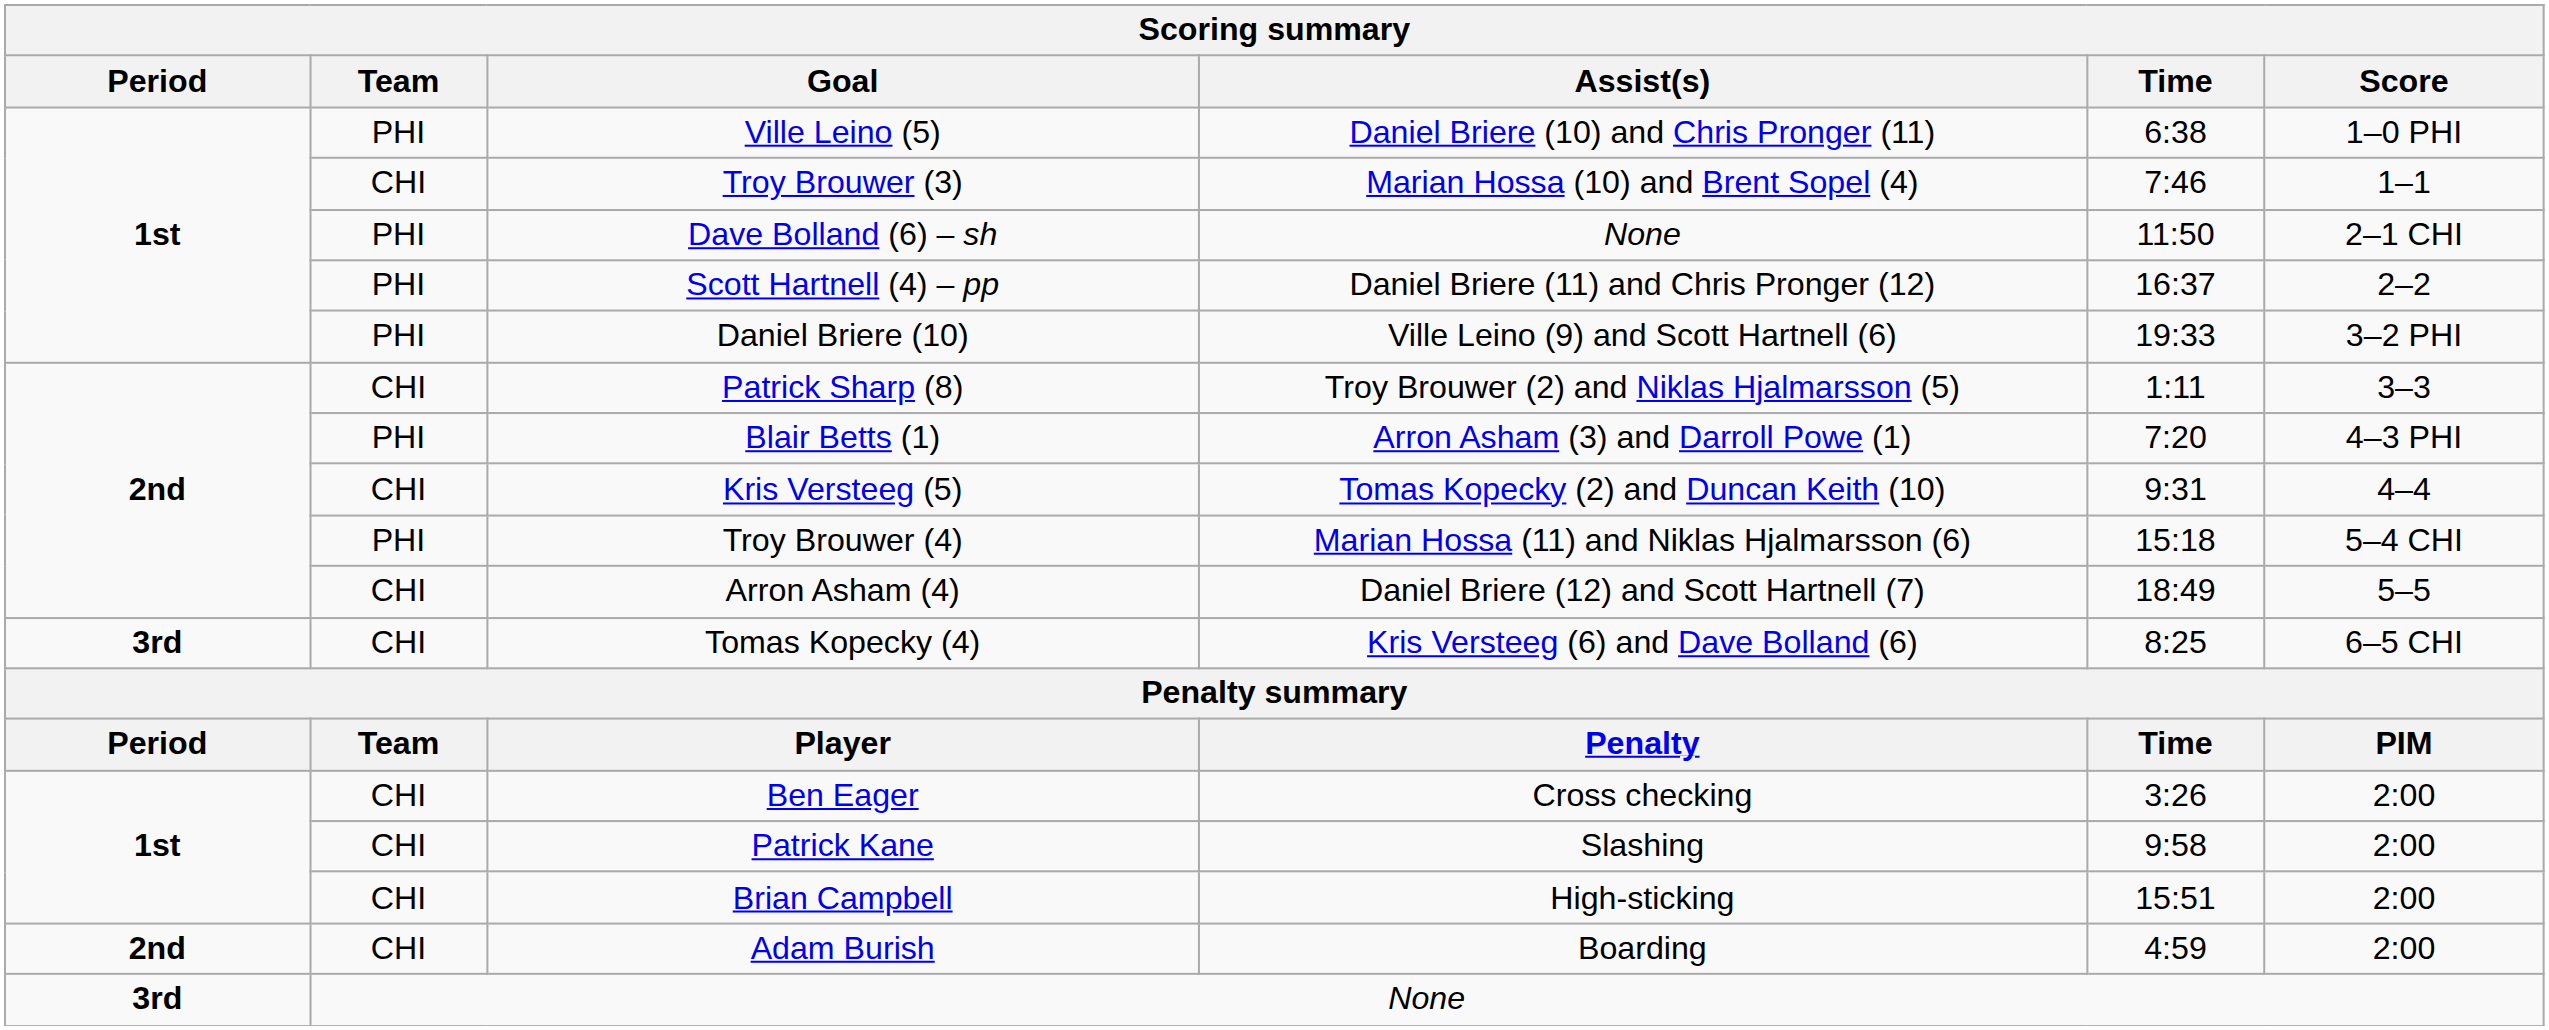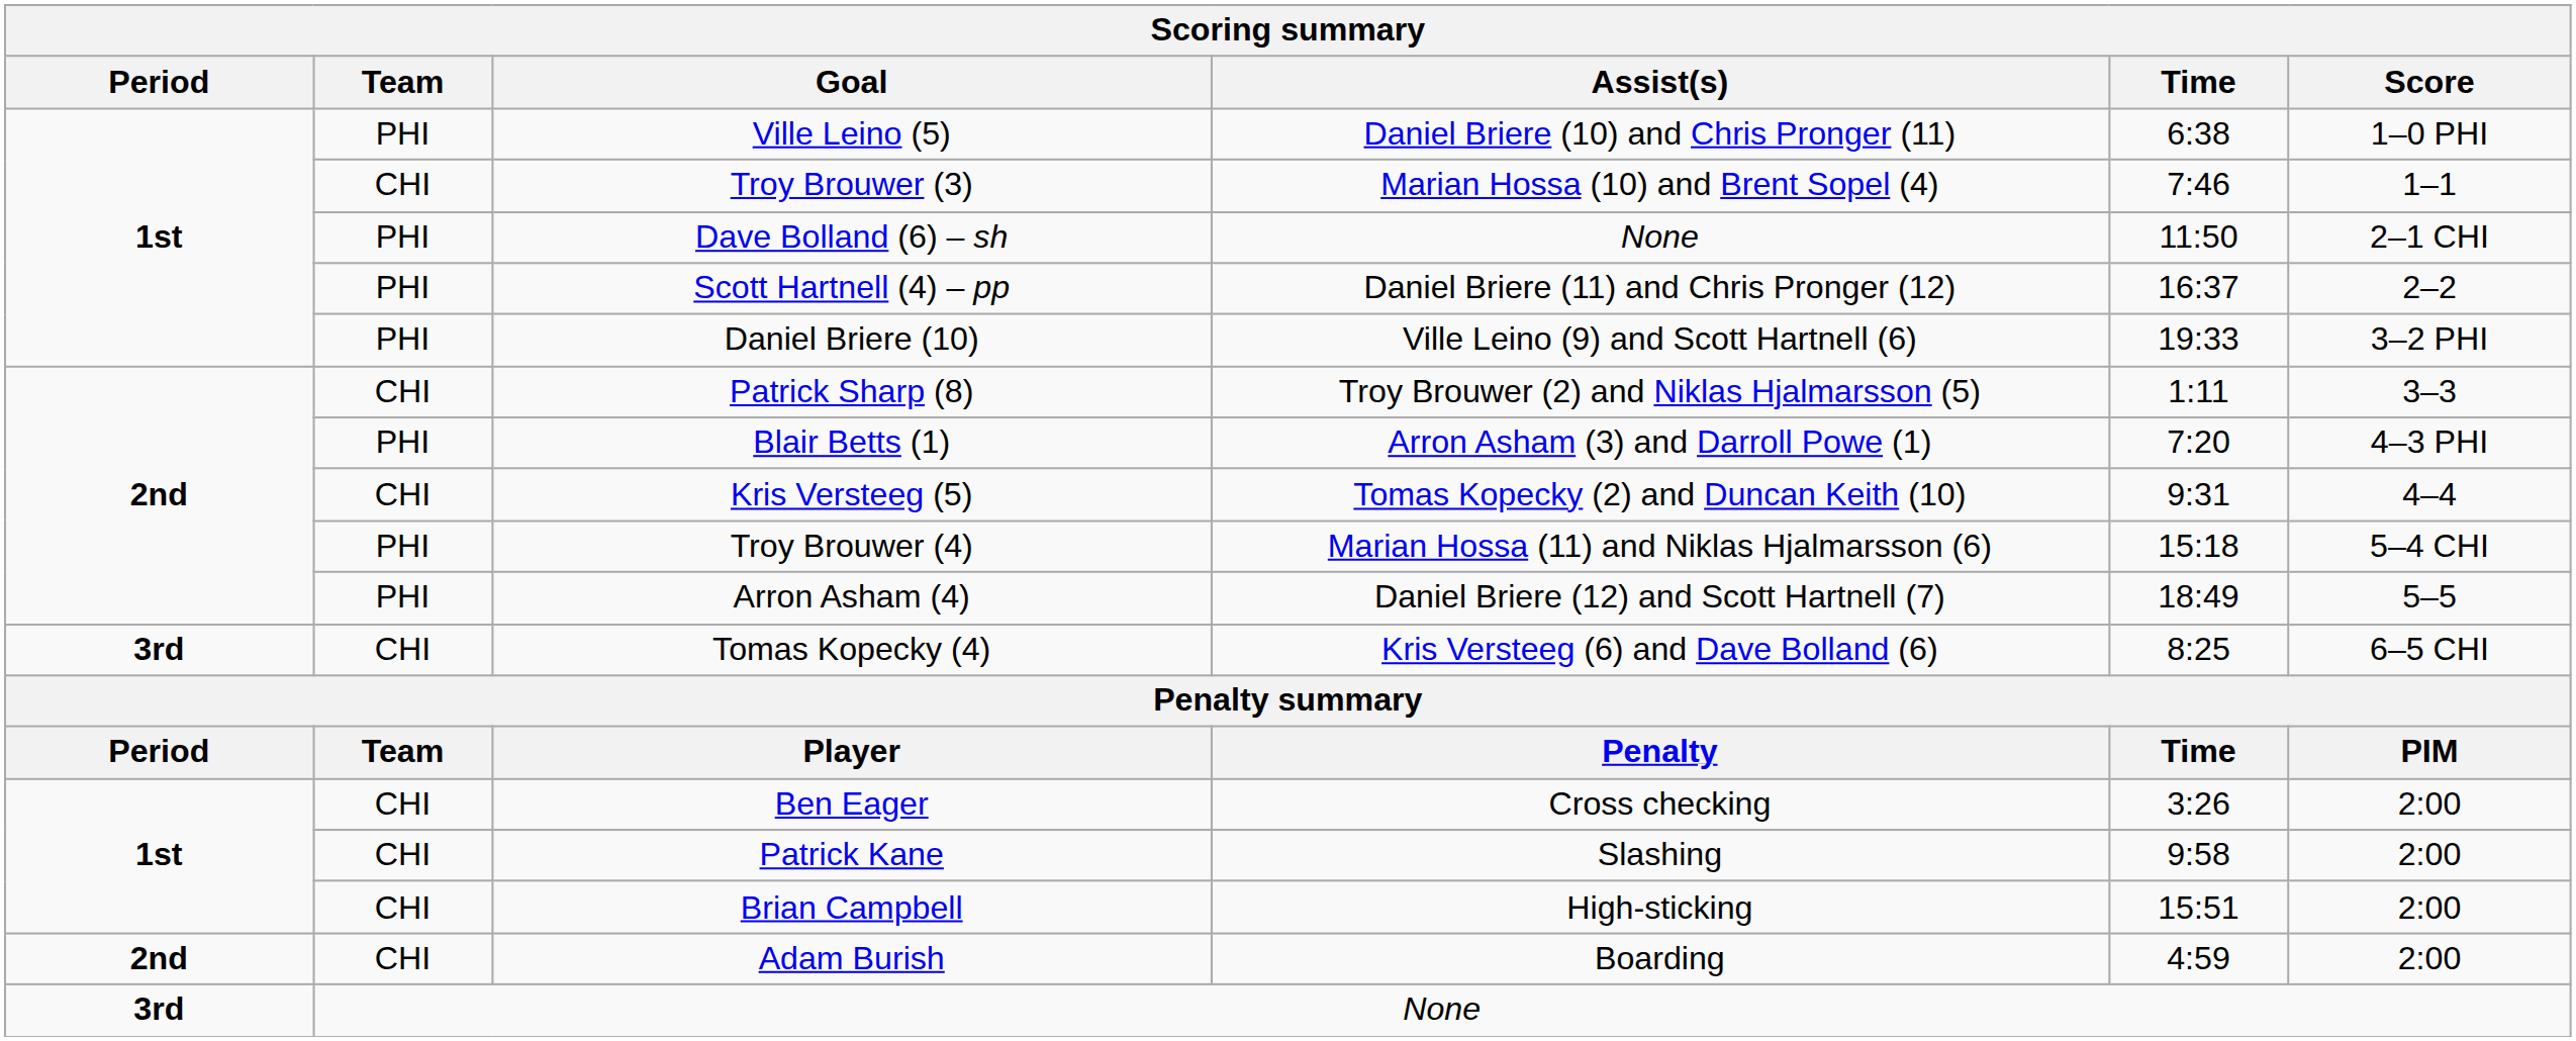 <table style="width:100%;" class="wikitable">
 <tr>
 <th colspan=6>Scoring summary</th>
 </tr>
 <tr>
 <th style="width:12%;">Period</th>
 <th style="width:7%;">Team</th>
 <th style="width:28%;">Goal</th>
 <th style="width:35%;">Assist(s)</th>
 <th style="width:7%;">Time</th>
 <th style="width:11%;">Score</th>
 </tr>
 <tr style="text-align:center;">
 <td rowspan="5"><strong>1st</strong></td>
 <td>PHI</td>
 <td><a href='#'>Ville Leino</a> (5)</td>
 <td><a href='#'>Daniel Briere</a> (10) and <a href='#'>Chris Pronger</a> (11)</td>
 <td>6:38</td>
 <td>1–0 PHI</td>
 </tr>
 <tr style="text-align:center;">
 <td>CHI</td>
 <td><a href='#'>Troy Brouwer</a> (3)</td>
 <td><a href='#'>Marian Hossa</a> (10) and <a href='#'>Brent Sopel</a> (4)</td>
 <td>7:46</td>
 <td>1–1</td>
 </tr>
 <tr style="text-align:center;">
 <td>PHI</td>
 <td><a href='#'>Dave Bolland</a> (6) – <em>sh</em></td>
 <td><em>None</em></td>
 <td>11:50</td>
 <td>2–1 CHI</td>
 </tr>
 <tr style="text-align:center;">
 <td>PHI</td>
 <td><a href='#'>Scott Hartnell</a> (4) – <em>pp</em></td>
 <td>Daniel Briere (11) and Chris Pronger (12)</td>
 <td>16:37</td>
 <td>2–2</td>
 </tr>
 <tr style="text-align:center;">
 <td>PHI</td>
 <td>Daniel Briere (10)</td>
 <td>Ville Leino (9) and Scott Hartnell (6)</td>
 <td>19:33</td>
 <td>3–2 PHI</td>
 </tr>
 <tr style="text-align:center;">
 <td rowspan="5"><strong>2nd</strong></td>
 <td>CHI</td>
 <td><a href='#'>Patrick Sharp</a> (8)</td>
 <td>Troy Brouwer (2) and <a href='#'>Niklas Hjalmarsson</a> (5)</td>
 <td>1:11</td>
 <td>3–3</td>
 </tr>
 <tr style="text-align:center;">
 <td>PHI</td>
 <td><a href='#'>Blair Betts</a> (1)</td>
 <td><a href='#'>Arron Asham</a> (3) and <a href='#'>Darroll Powe</a> (1)</td>
 <td>7:20</td>
 <td>4–3 PHI</td>
 </tr>
 <tr style="text-align:center;">
 <td>CHI</td>
 <td><a href='#'>Kris Versteeg</a> (5)</td>
 <td><a href='#'>Tomas Kopecky</a> (2) and <a href='#'>Duncan Keith</a> (10)</td>
 <td>9:31</td>
 <td>4–4</td>
 </tr>
 <tr style="text-align:center;">
 <td>PHI</td>
 <td>Troy Brouwer (4)</td>
 <td><a href='#'>Marian Hossa</a> (11) and Niklas Hjalmarsson (6)</td>
 <td>15:18</td>
 <td>5–4 CHI</td>
 </tr>
 <tr style="text-align:center;">
-<td>CHI</td>
+<td>PHI</td>
 <td>Arron Asham (4)</td>
 <td>Daniel Briere (12) and Scott Hartnell (7)</td>
 <td>18:49</td>
 <td>5–5</td>
 </tr>
 <tr style="text-align:center;">
 <td rowspan="1"><strong>3rd</strong></td>
 <td>CHI</td>
 <td>Tomas Kopecky (4)</td>
 <td><a href='#'>Kris Versteeg</a> (6) and <a href='#'>Dave Bolland</a> (6)</td>
 <td>8:25</td>
 <td>6–5 CHI</td>
 </tr>
 <tr>
 <th colspan=6>Penalty summary</th>
 </tr>
 <tr>
 <th style="width:12%;">Period</th>
 <th style="width:7%;">Team</th>
 <th style="width:28%;">Player</th>
 <th style="width:35%;"><a href='#'>Penalty</a></th>
 <th style="width:7%;">Time</th>
 <th style="width:11%;">PIM</th>
 </tr>
 <tr style="text-align:center;">
 <td rowspan="3"><strong>1st</strong></td>
 <td>CHI</td>
 <td><a href='#'>Ben Eager</a></td>
 <td>Cross checking</td>
 <td>3:26</td>
 <td>2:00</td>
 </tr>
 <tr style="text-align:center;">
 <td>CHI</td>
 <td><a href='#'>Patrick Kane</a></td>
 <td>Slashing</td>
 <td>9:58</td>
 <td>2:00</td>
 </tr>
 <tr style="text-align:center;">
 <td>CHI</td>
 <td><a href='#'>Brian Campbell</a></td>
 <td>High-sticking</td>
 <td>15:51</td>
 <td>2:00</td>
 </tr>
 <tr style="text-align:center;">
 <td rowspan="1"><strong>2nd</strong></td>
 <td>CHI</td>
 <td><a href='#'>Adam Burish</a></td>
 <td>Boarding</td>
 <td>4:59</td>
 <td>2:00</td>
 </tr>
 <tr style="text-align:center;">
 <td><strong>3rd</strong></td>
 <td colspan="5"><em>None</em></td>
 </tr>
 </table>
